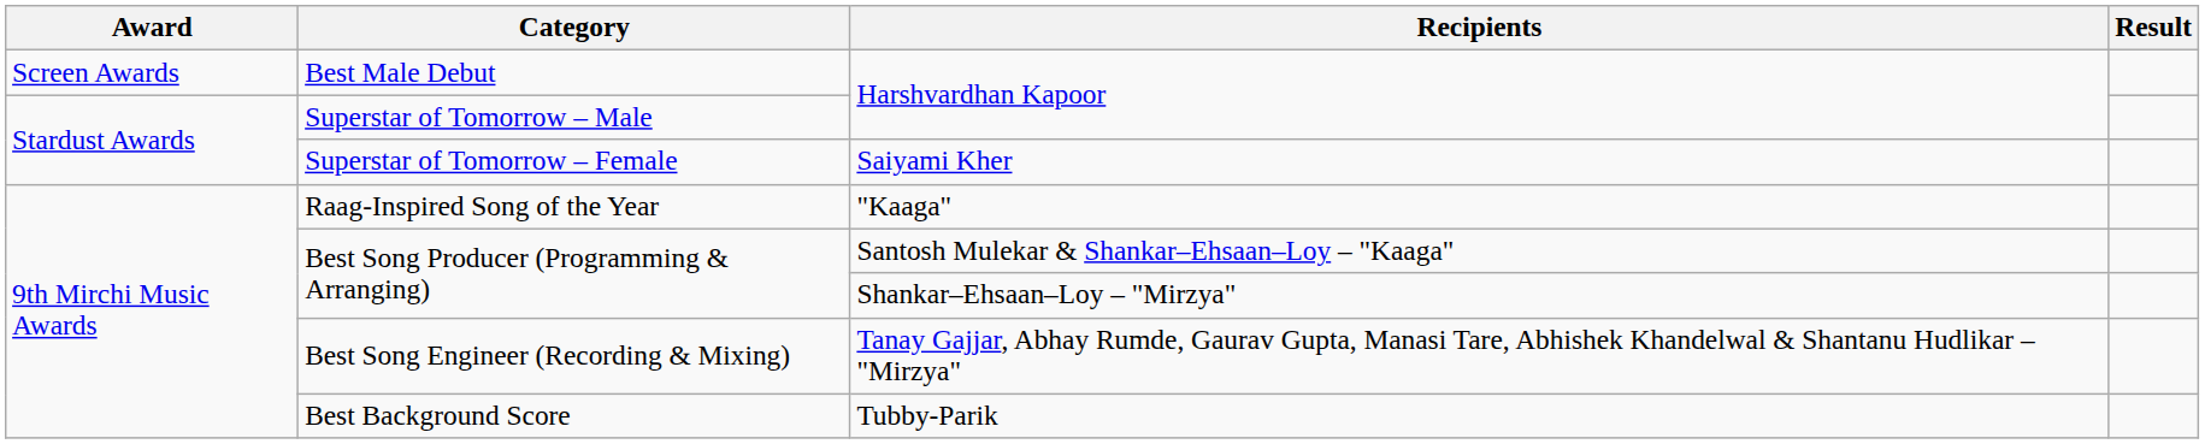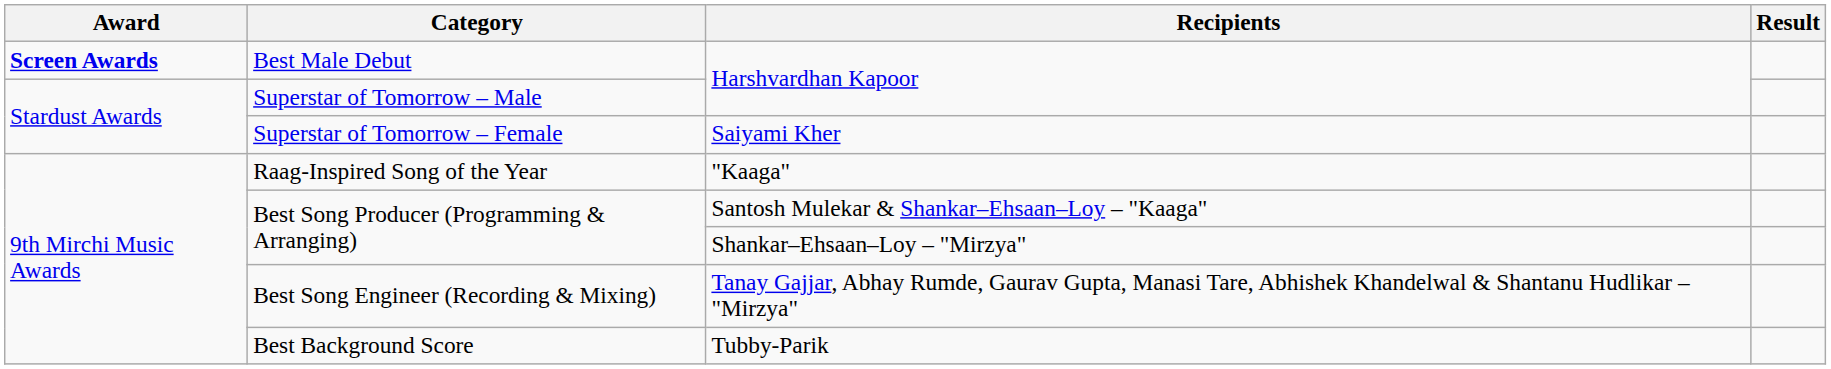 <table class="wikitable sortable">
 <tr>
 <th>Award</th>
 <th>Category</th>
 <th>Recipients</th>
 <th>Result</th>
 </tr>
 <tr>
-<td><a href='#'>Screen Awards</a></td>
+<td><strong><a href='#'>Screen Awards</a></strong></td>
 <td><a href='#'>Best Male Debut</a></td>
 <td rowspan=2><a href='#'>Harshvardhan Kapoor</a></td>
 <td></td>
 </tr>
 <tr>
 <td rowspan=2><a href='#'>Stardust Awards</a></td>
 <td><a href='#'>Superstar of Tomorrow – Male</a></td>
 <td></td>
 </tr>
 <tr>
 <td><a href='#'>Superstar of Tomorrow – Female</a></td>
 <td><a href='#'>Saiyami Kher</a></td>
 <td></td>
 </tr>
 <tr>
 <td rowspan=5><a href='#'>9th Mirchi Music Awards</a></td>
 <td>Raag-Inspired Song of the Year</td>
 <td>"Kaaga"</td>
 <td></td>
 </tr>
 <tr>
 <td rowspan=2>Best Song Producer (Programming & Arranging)</td>
 <td>Santosh Mulekar & <a href='#'>Shankar–Ehsaan–Loy</a> – "Kaaga"</td>
 <td></td>
 </tr>
 <tr>
 <td>Shankar–Ehsaan–Loy – "Mirzya"</td>
 <td></td>
 </tr>
 <tr>
 <td>Best Song Engineer (Recording & Mixing)</td>
 <td><a href='#'>Tanay Gajjar</a>, Abhay Rumde, Gaurav Gupta, Manasi Tare, Abhishek Khandelwal & Shantanu Hudlikar – "Mirzya"</td>
 <td></td>
 </tr>
 <tr>
 <td>Best Background Score</td>
 <td>Tubby-Parik</td>
 <td></td>
 </tr>
 </table>
